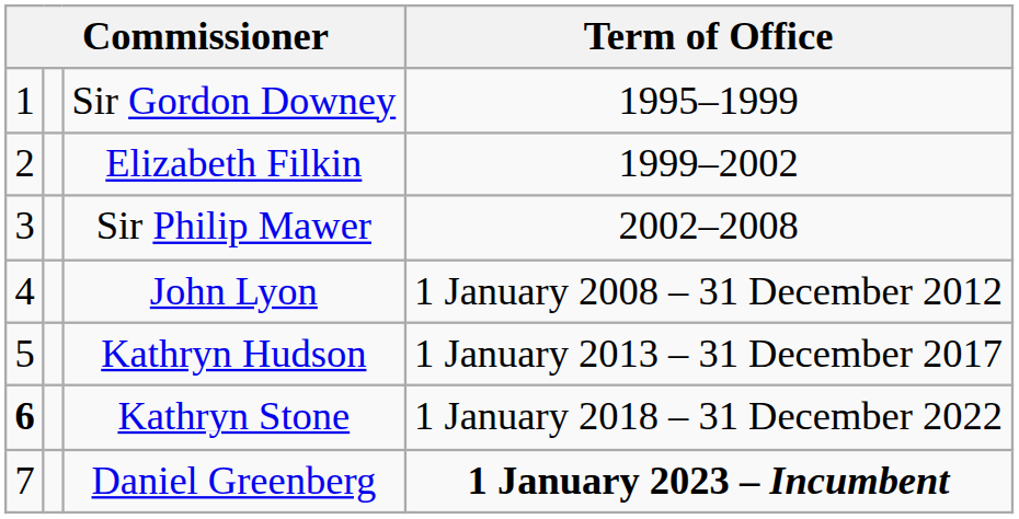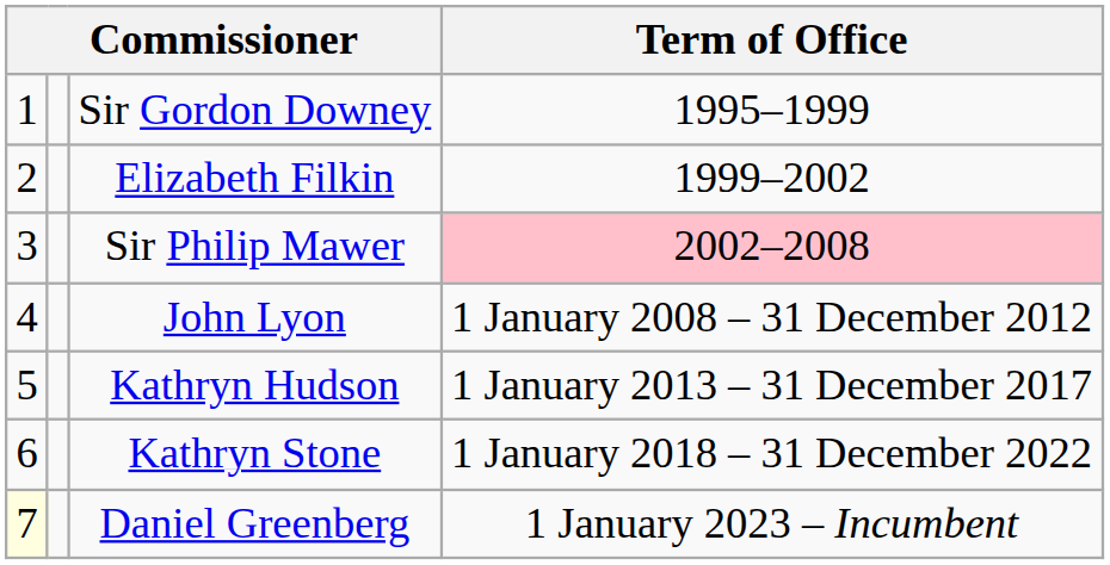 <table class="wikitable" style="text-align:center">
 <tr>
 <th colspan="3">Commissioner</th>
 <th>Term of Office</th>
 </tr>
 <tr style="height:1em">
 <td>1</td>
 <td></td>
 <td>Sir <a href='#'>Gordon Downey</a></td>
 <td>1995–1999</td>
 </tr>
 <tr style="height:1em">
 <td>2</td>
 <td></td>
 <td><a href='#'>Elizabeth Filkin</a></td>
 <td>1999–2002</td>
 </tr>
 <tr style="height:1em">
 <td>3</td>
 <td></td>
 <td>Sir <a href='#'>Philip Mawer</a></td>
-<td>2002–2008</td>
+<td style="background: pink;">2002–2008</td>
 </tr>
 <tr style="height:1em">
 <td>4</td>
 <td></td>
 <td><a href='#'>John Lyon</a></td>
 <td>1 January 2008 – 31 December 2012</td>
 </tr>
 <tr style="height:1em">
 <td>5</td>
 <td></td>
 <td><a href='#'>Kathryn Hudson</a></td>
 <td>1 January 2013 – 31 December 2017</td>
 </tr>
 <tr style="height:1em">
-<td><strong>6</strong></td>
+<td>6</td>
 <td></td>
 <td><a href='#'>Kathryn Stone</a></td>
 <td>1 January 2018 – 31 December 2022</td>
 </tr>
 <tr style="height:1em">
-<td>7</td>
+<td style="background: lightyellow;">7</td>
 <td></td>
 <td><a href='#'>Daniel Greenberg</a></td>
-<td><strong>1 January 2023 – <em>Incumbent</em></strong></td>
+<td>1 January 2023 – <em>Incumbent</em></td>
 </tr>
 </table>
